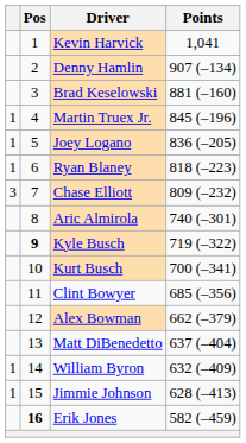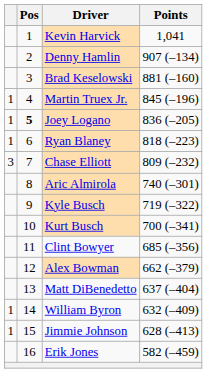 <table class="wikitable" style="font-size: 95%;">
 <tr>
 <th></th>
 <th>Pos</th>
 <th>Driver</th>
 <th>Points</th>
 </tr>
 <tr>
 <td align="left"></td>
 <td style="text-align:center;">1</td>
 <td style="background:#FFDEAD;"><a href='#'>Kevin Harvick</a></td>
 <td style="text-align:center;">1,041</td>
 </tr>
 <tr>
 <td align="left"></td>
 <td style="text-align:center;">2</td>
 <td style="background:#FFDEAD;"><a href='#'>Denny Hamlin</a></td>
 <td style="text-align:center;">907 (–134)</td>
 </tr>
 <tr>
 <td align="left"></td>
 <td style="text-align:center;">3</td>
 <td style="background:#FFDEAD;"><a href='#'>Brad Keselowski</a></td>
 <td style="text-align:center;">881 (–160)</td>
 </tr>
 <tr>
 <td align="left"> 1</td>
 <td style="text-align:center;">4</td>
 <td style="background:#FFDEAD;"><a href='#'>Martin Truex Jr.</a></td>
 <td style="text-align:center;">845 (–196)</td>
 </tr>
 <tr>
 <td align="left"> 1</td>
-<td style="text-align:center;">5</td>
+<td style="text-align:center;"><strong>5</strong></td>
 <td style="background:#FFDEAD;"><a href='#'>Joey Logano</a></td>
 <td style="text-align:center;">836 (–205)</td>
 </tr>
 <tr>
 <td align="left"> 1</td>
 <td style="text-align:center;">6</td>
 <td style="background:#FFDEAD;"><a href='#'>Ryan Blaney</a></td>
 <td style="text-align:center;">818 (–223)</td>
 </tr>
 <tr>
 <td align="left"> 3</td>
 <td style="text-align:center;">7</td>
 <td style="background:#FFDEAD;"><a href='#'>Chase Elliott</a></td>
 <td style="text-align:center;">809 (–232)</td>
 </tr>
 <tr>
 <td align="left"></td>
 <td style="text-align:center;">8</td>
 <td style="background:#FFDEAD;"><a href='#'>Aric Almirola</a></td>
 <td style="text-align:center;">740 (–301)</td>
 </tr>
 <tr>
 <td align="left"></td>
-<td style="text-align:center;"><strong>9</strong></td>
+<td style="text-align:center;">9</td>
 <td style="background:#FFDEAD;"><a href='#'>Kyle Busch</a></td>
 <td style="text-align:center;">719 (–322)</td>
 </tr>
 <tr>
 <td align="left"></td>
 <td style="text-align:center;">10</td>
 <td style="background:#FFDEAD;"><a href='#'>Kurt Busch</a></td>
 <td style="text-align:center;">700 (–341)</td>
 </tr>
 <tr>
 <td align="left"></td>
 <td style="text-align:center;">11</td>
 <td><a href='#'>Clint Bowyer</a></td>
 <td style="text-align:center;">685 (–356)</td>
 </tr>
 <tr>
 <td align="left"></td>
 <td style="text-align:center;">12</td>
 <td style="background:#FFDEAD;"><a href='#'>Alex Bowman</a></td>
 <td style="text-align:center;">662 (–379)</td>
 </tr>
 <tr>
 <td align="left"></td>
 <td style="text-align:center;">13</td>
 <td><a href='#'>Matt DiBenedetto</a></td>
 <td style="text-align:center;">637 (–404)</td>
 </tr>
 <tr>
 <td align="left"> 1</td>
 <td style="text-align:center;">14</td>
 <td><a href='#'>William Byron</a></td>
 <td style="text-align:center;">632 (–409)</td>
 </tr>
 <tr>
 <td align="left"> 1</td>
 <td style="text-align:center;">15</td>
 <td><a href='#'>Jimmie Johnson</a></td>
 <td style="text-align:center;">628 (–413)</td>
 </tr>
 <tr>
 <td align="left"></td>
-<td style="text-align:center;"><strong>16</strong></td>
+<td style="text-align:center;">16</td>
 <td><a href='#'>Erik Jones</a></td>
 <td style="text-align:center;">582 (–459)</td>
 </tr>
 <tr class="sortbottom">
 <th colspan="9"></th>
 </tr>
 </table>
